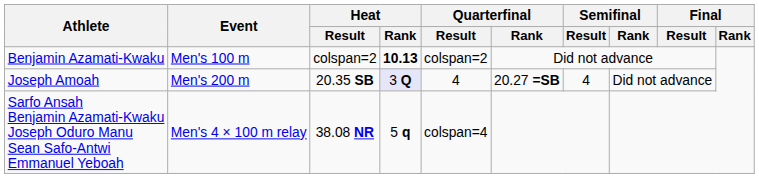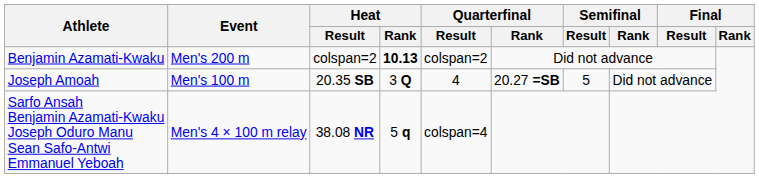 <table class="wikitable" style="font-size:90%">
 <tr>
 <th rowspan="2">Athlete</th>
 <th rowspan="2">Event</th>
 <th colspan="2">Heat</th>
 <th colspan="2">Quarterfinal</th>
 <th colspan="2">Semifinal</th>
 <th colspan="2">Final</th>
 </tr>
 <tr style="font-size:95%">
 <th>Result</th>
 <th>Rank</th>
 <th>Result</th>
 <th>Rank</th>
 <th>Result</th>
 <th>Rank</th>
 <th>Result</th>
 <th>Rank</th>
 </tr>
 <tr align="center">
 <td align="left"><a href='#'>Benjamin Azamati-Kwaku</a></td>
-<td align="left"><a href='#'>Men's 100 m</a></td>
+<td align=left><a href='#'>Men's 200 m</a></td>
 <td>colspan=2 </td>
 <td><strong>10.13</strong></td>
 <td>colspan=2 </td>
 <td colspan=4>Did not advance</td>
 </tr>
 <tr align=center>
 <td align=left><a href='#'>Joseph Amoah</a></td>
-<td align=left><a href='#'>Men's 200 m</a></td>
+<td align="left"><a href='#'>Men's 100 m</a></td>
 <td>20.35 <strong>SB</strong></td>
-<td style="background: lavender;">3 <strong>Q</strong></td>
+<td>3 <strong>Q</strong></td>
 <td>4</td>
 <td>20.27 <strong>=SB</strong></td>
-<td>4</td>
+<td>5</td>
 <td colspan="2">Did not advance</td>
 </tr>
 <tr align=center>
 <td align=left><a href='#'>Sarfo Ansah</a><br><a href='#'>Benjamin Azamati-Kwaku</a><br><a href='#'>Joseph Oduro Manu</a><br><a href='#'>Sean Safo-Antwi</a><br><a href='#'>Emmanuel Yeboah</a></td>
 <td align=left><a href='#'>Men's 4 × 100 m relay</a></td>
 <td>38.08 <strong><a href='#'>NR</a></strong></td>
 <td>5 <strong>q</strong></td>
 <td>colspan=4 </td>
 <td colspan=2></td>
 </tr>
 </table>
